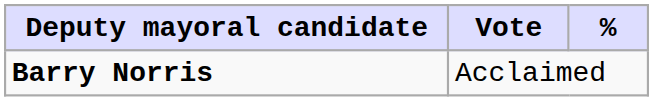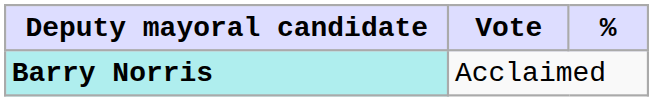 <table class="wikitable">
 <tr>
 <th style="background:#ddf; width:200px;">Deputy mayoral candidate</th>
 <th style="background:#ddf; width:50px;">Vote</th>
 <th style="background:#ddf; width:30px;">%</th>
 </tr>
 <tr>
-<td><strong>Barry Norris</strong></td>
+<td style="background: paleturquoise;"><strong>Barry Norris</strong></td>
 <td colspan="2">Acclaimed</td>
 </tr>
 </table>
